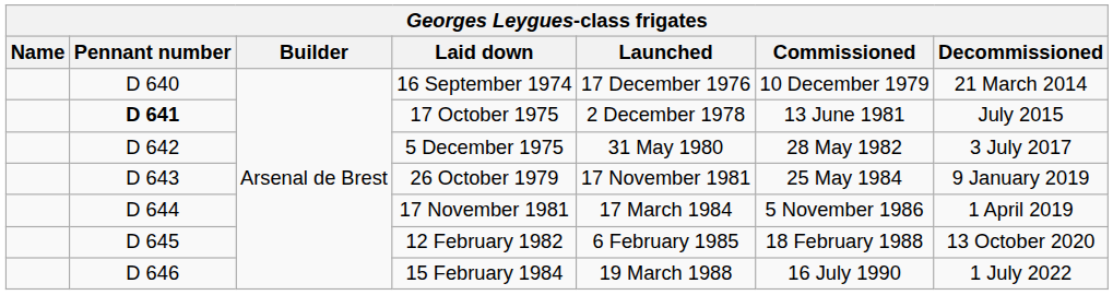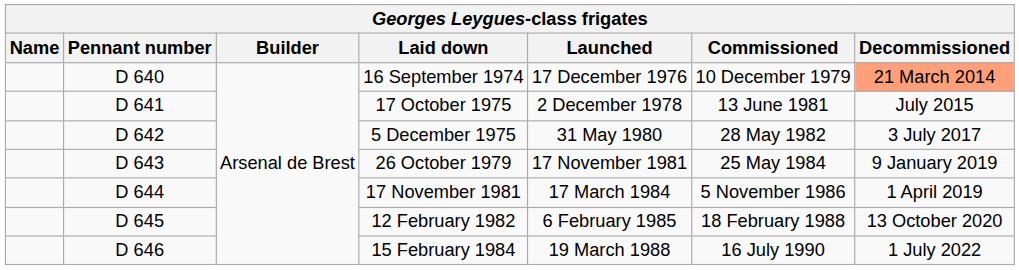 <table class="wikitable" style="margin:auto;">
 <tr>
 <th colspan=7><em>Georges Leygues</em>-class frigates</th>
 </tr>
 <tr>
 <th>Name</th>
 <th>Pennant number</th>
 <th>Builder</th>
 <th>Laid down</th>
 <th>Launched</th>
 <th>Commissioned</th>
 <th>Decommissioned</th>
 </tr>
 <tr>
 <td align=center></td>
 <td align=center>D 640</td>
 <td align=center rowspan=7 colspan=1>Arsenal de Brest</td>
 <td align=center>16 September 1974</td>
 <td align=center>17 December 1976</td>
 <td align=center>10 December 1979</td>
-<td align=center>21 March 2014</td>
+<td align=center style="background: lightsalmon;">21 March 2014</td>
 </tr>
 <tr>
 <td align=center></td>
-<td align=center><strong>D 641</strong></td>
+<td align=center>D 641</td>
 <td align=center>17 October 1975</td>
 <td align=center>2 December 1978</td>
 <td align=center>13 June 1981</td>
 <td align=center>July 2015</td>
 </tr>
 <tr>
 <td align=center></td>
 <td align=center>D 642</td>
 <td align=center>5 December 1975</td>
 <td align=center>31 May 1980</td>
 <td align=center>28 May 1982</td>
 <td align=center>3 July 2017</td>
 </tr>
 <tr>
 <td align=center></td>
 <td align=center>D 643</td>
 <td align=center>26 October 1979</td>
 <td align=center>17 November 1981</td>
 <td align=center>25 May 1984</td>
 <td align=center>9 January 2019</td>
 </tr>
 <tr>
 <td align=center></td>
 <td align=center>D 644</td>
 <td align=center>17 November 1981</td>
 <td align=center>17 March 1984</td>
 <td align=center>5 November 1986</td>
 <td align=center>1 April 2019</td>
 </tr>
 <tr>
 <td align=center></td>
 <td align=center>D 645</td>
 <td align=center>12 February 1982</td>
 <td align=center>6 February 1985</td>
 <td align=center>18 February 1988</td>
 <td align=center>13 October 2020</td>
 </tr>
 <tr>
 <td align=center></td>
 <td align=center>D 646</td>
 <td align=center>15 February 1984</td>
 <td align=center>19 March 1988</td>
 <td align=center>16 July 1990</td>
 <td align=center>1 July 2022</td>
 </tr>
 </table>
